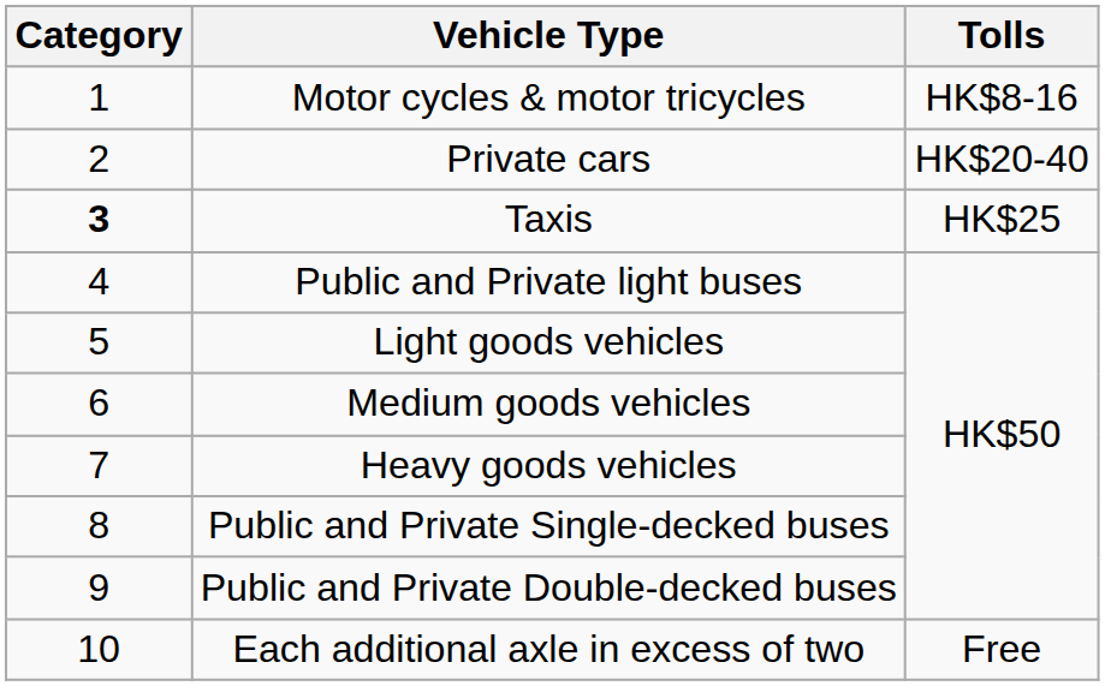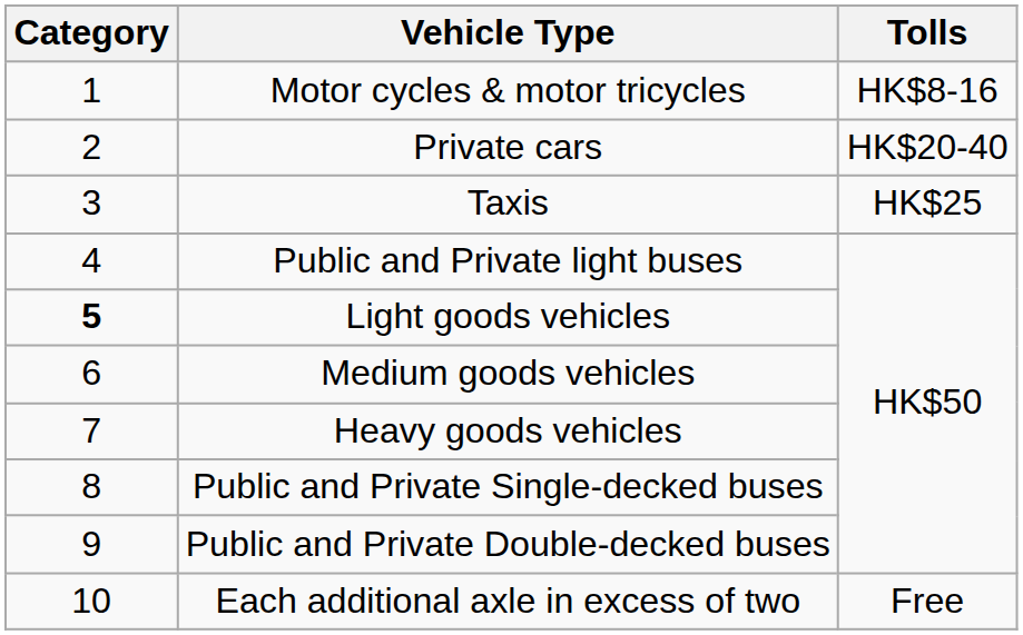 <table class="wikitable">
 <tr>
 <th align="center">Category</th>
 <th align="center">Vehicle Type</th>
 <th align="center">Tolls</th>
 </tr>
 <tr>
 <td align="center">1</td>
 <td align="center">Motor cycles & motor tricycles</td>
 <td align="center">HK$8-16</td>
 </tr>
 <tr>
 <td align="center">2</td>
 <td align="center">Private cars</td>
 <td align="center">HK$20-40</td>
 </tr>
 <tr>
-<td align="center"><strong>3</strong></td>
+<td align="center">3</td>
 <td align="center">Taxis</td>
 <td align="center">HK$25</td>
 </tr>
 <tr>
 <td align="center">4</td>
 <td align="center">Public and Private light buses</td>
 <td rowspan="6" align="center">HK$50</td>
 </tr>
 <tr>
-<td align="center">5</td>
+<td align="center"><strong>5</strong></td>
 <td align="center">Light goods vehicles</td>
 </tr>
 <tr>
 <td align="center">6</td>
 <td align="center">Medium goods vehicles</td>
 </tr>
 <tr>
 <td align="center">7</td>
 <td align="center">Heavy goods vehicles</td>
 </tr>
 <tr>
 <td align="center">8</td>
 <td align="center">Public and Private Single-decked buses</td>
 </tr>
 <tr>
 <td align="center">9</td>
 <td align="center">Public and Private Double-decked buses</td>
 </tr>
 <tr>
 <td align="center">10</td>
 <td align="center">Each additional axle in excess of two</td>
 <td align="center">Free</td>
 </tr>
 </table>
